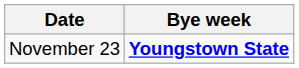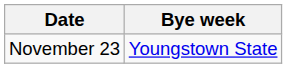 <table class="wikitable" style="font-size:95%;">
 <tr>
 <th>Date</th>
 <th>Bye week</th>
 </tr>
 <tr>
 <td>November 23</td>
-<td><strong><a href='#'>Youngstown State</a></strong></td>
+<td><a href='#'>Youngstown State</a></td>
 </tr>
 </table>
